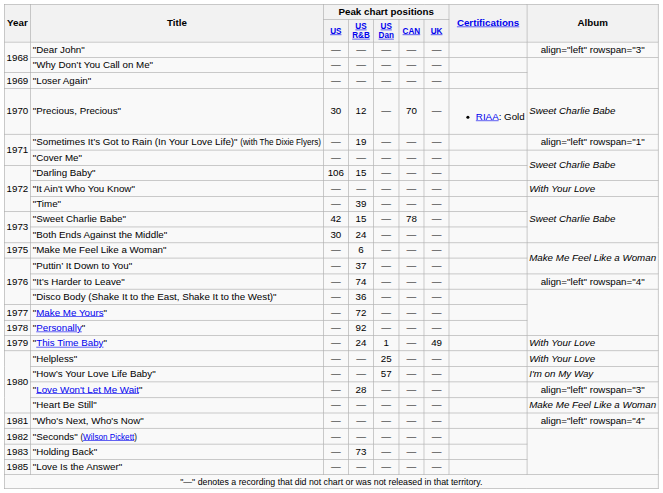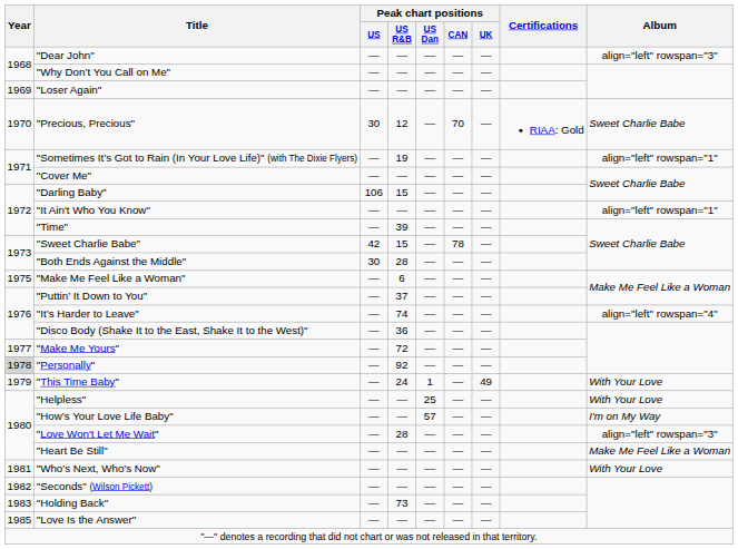 <table class="wikitable" style="text-align:center;">
 <tr>
 <th rowspan="2">Year</th>
 <th rowspan="2">Title</th>
 <th colspan="5">Peak chart positions</th>
 <th rowspan="2"><a href='#'>Certifications</a></th>
 <th rowspan="2">Album</th>
 </tr>
 <tr style="font-size:smaller;">
 <th width="35"><a href='#'>US</a><br></th>
 <th width="35"><a href='#'>US<br>R&B</a><br></th>
 <th width="35"><a href='#'>US<br>Dan</a><br></th>
 <th width="35"><a href='#'>CAN</a><br></th>
 <th width="35"><a href='#'>UK</a><br></th>
 </tr>
 <tr>
 <td rowspan="2">1968</td>
 <td align="left">"Dear John"</td>
 <td>—</td>
 <td>—</td>
 <td>—</td>
 <td>—</td>
 <td>—</td>
 <td align=left></td>
 <td>align="left" rowspan="3" </td>
 </tr>
 <tr>
 <td align="left">"Why Don’t You Call on Me"</td>
 <td>—</td>
 <td>—</td>
 <td>—</td>
 <td>—</td>
 <td>—</td>
 <td align=left></td>
 </tr>
 <tr>
 <td>1969</td>
 <td align="left">"Loser Again"</td>
 <td>—</td>
 <td>—</td>
 <td>—</td>
 <td>—</td>
 <td>—</td>
 <td align=left></td>
 </tr>
 <tr>
 <td>1970</td>
 <td align="left">"Precious, Precious"</td>
 <td>30</td>
 <td>12</td>
 <td>—</td>
 <td>70</td>
 <td>—</td>
 <td align=left><br><ul><li><a href='#'>RIAA</a>: Gold</li></ul></td>
 <td align="left" rowspan="1"><em>Sweet Charlie Babe</em></td>
 </tr>
 <tr>
 <td rowspan="2">1971</td>
 <td align="left">"Sometimes It’s Got to Rain (In Your Love Life)" <small>(with The Dixie Flyers)</small></td>
 <td>—</td>
 <td>19</td>
 <td>—</td>
 <td>—</td>
 <td>—</td>
 <td align=left></td>
 <td>align="left" rowspan="1" </td>
 </tr>
 <tr>
 <td align="left">"Cover Me"</td>
 <td>—</td>
 <td>—</td>
 <td>—</td>
 <td>—</td>
 <td>—</td>
 <td align=left></td>
 <td align="left" rowspan="2"><em>Sweet Charlie Babe</em></td>
 </tr>
 <tr>
 <td rowspan="3">1972</td>
 <td align="left">"Darling Baby"</td>
 <td>106</td>
 <td>15</td>
 <td>—</td>
 <td>—</td>
 <td>—</td>
 <td align=left></td>
 </tr>
 <tr>
 <td align="left">"It Ain't Who You Know"</td>
 <td>—</td>
 <td>—</td>
 <td>—</td>
 <td>—</td>
 <td>—</td>
 <td align=left></td>
-<td align="left" rowspan="1"><em>With Your Love</em></td>
+<td>align="left" rowspan="1" </td>
 </tr>
 <tr>
 <td align="left">"Time"</td>
 <td>—</td>
 <td>39</td>
 <td>—</td>
 <td>—</td>
 <td>—</td>
 <td align=left></td>
 <td align="left" rowspan="3"><em>Sweet Charlie Babe</em></td>
 </tr>
 <tr>
 <td rowspan="2">1973</td>
 <td align="left">"Sweet Charlie Babe"</td>
 <td>42</td>
 <td>15</td>
 <td>—</td>
 <td>78</td>
 <td>—</td>
 <td align=left></td>
 </tr>
 <tr>
 <td align="left">"Both Ends Against the Middle"</td>
 <td>30</td>
-<td>24</td>
+<td>28</td>
 <td>—</td>
 <td>—</td>
 <td>—</td>
 <td align=left></td>
 </tr>
 <tr>
 <td>1975</td>
 <td align="left">"Make Me Feel Like a Woman"</td>
 <td>—</td>
 <td>6</td>
 <td>—</td>
 <td>—</td>
 <td>—</td>
 <td align=left></td>
 <td align="left" rowspan="2"><em>Make Me Feel Like a Woman</em></td>
 </tr>
 <tr>
 <td rowspan="3">1976</td>
 <td align="left">"Puttin’ It Down to You"</td>
 <td>—</td>
 <td>37</td>
 <td>—</td>
 <td>—</td>
 <td>—</td>
 <td align=left></td>
 </tr>
 <tr>
 <td align="left">"It’s Harder to Leave"</td>
 <td>—</td>
 <td>74</td>
 <td>—</td>
 <td>—</td>
 <td>—</td>
 <td align=left></td>
 <td>align="left" rowspan="4" </td>
 </tr>
 <tr>
 <td align="left">"Disco Body (Shake It to the East, Shake It to the West)"</td>
 <td>—</td>
 <td>36</td>
 <td>—</td>
 <td>—</td>
 <td>—</td>
 <td align=left></td>
 </tr>
 <tr>
 <td>1977</td>
 <td align="left">"<a href='#'>Make Me Yours</a>"</td>
 <td>—</td>
 <td>72</td>
 <td>—</td>
 <td>—</td>
 <td>—</td>
 <td align=left></td>
 </tr>
 <tr>
-<td>1978</td>
+<td style="background: lightgrey;">1978</td>
 <td align="left">"<a href='#'>Personally</a>"</td>
 <td>—</td>
 <td>92</td>
 <td>—</td>
 <td>—</td>
 <td>—</td>
 <td align=left></td>
 </tr>
 <tr>
 <td>1979</td>
 <td align="left">"<a href='#'>This Time Baby</a>"</td>
 <td>—</td>
 <td>24</td>
 <td>1</td>
 <td>—</td>
 <td>49</td>
 <td align=left></td>
 <td align="left" rowspan="1"><em>With Your Love</em></td>
 </tr>
 <tr>
 <td rowspan="4">1980</td>
 <td align="left">"Helpless"</td>
 <td>—</td>
 <td>—</td>
 <td>25</td>
 <td>—</td>
 <td>—</td>
 <td align=left></td>
 <td align="left" rowspan="1"><em>With Your Love</em></td>
 </tr>
 <tr>
 <td align="left">"How’s Your Love Life Baby"</td>
 <td>—</td>
 <td>—</td>
 <td>57</td>
 <td>—</td>
 <td>—</td>
 <td align=left></td>
 <td align="left" rowspan="1"><em>I'm on My Way</em></td>
 </tr>
 <tr>
 <td align="left">"<a href='#'>Love Won't Let Me Wait</a>"</td>
 <td>—</td>
 <td>28</td>
 <td>—</td>
 <td>—</td>
 <td>—</td>
 <td align=left></td>
 <td>align="left" rowspan="3" </td>
 </tr>
 <tr>
 <td align="left">"Heart Be Still"</td>
 <td>—</td>
 <td>—</td>
 <td>—</td>
 <td>—</td>
 <td>—</td>
 <td align=left></td>
 <td align="left" rowspan="1"><em>Make Me Feel Like a Woman</em></td>
 </tr>
 <tr>
 <td>1981</td>
 <td align="left">"Who's Next, Who's Now"</td>
 <td>—</td>
 <td>—</td>
 <td>—</td>
 <td>—</td>
 <td>—</td>
 <td align=left></td>
-<td>align="left" rowspan="4" </td>
+<td align="left" rowspan="1"><em>With Your Love</em></td>
 </tr>
 <tr>
 <td>1982</td>
 <td align="left">"Seconds" <small>(<a href='#'>Wilson Pickett</a>)</small></td>
 <td>—</td>
 <td>—</td>
 <td>—</td>
 <td>—</td>
 <td>—</td>
 <td align=left></td>
 </tr>
 <tr>
 <td>1983</td>
 <td align="left">"Holding Back"</td>
 <td>—</td>
 <td>73</td>
 <td>—</td>
 <td>—</td>
 <td>—</td>
 <td align=left></td>
 </tr>
 <tr>
 <td>1985</td>
 <td align="left">"Love Is the Answer"</td>
 <td>—</td>
 <td>—</td>
 <td>—</td>
 <td>—</td>
 <td>—</td>
 <td align=left></td>
 </tr>
 <tr>
 <td colspan="15" style="font-size:90%">"—" denotes a recording that did not chart or was not released in that territory.</td>
 </tr>
 </table>
